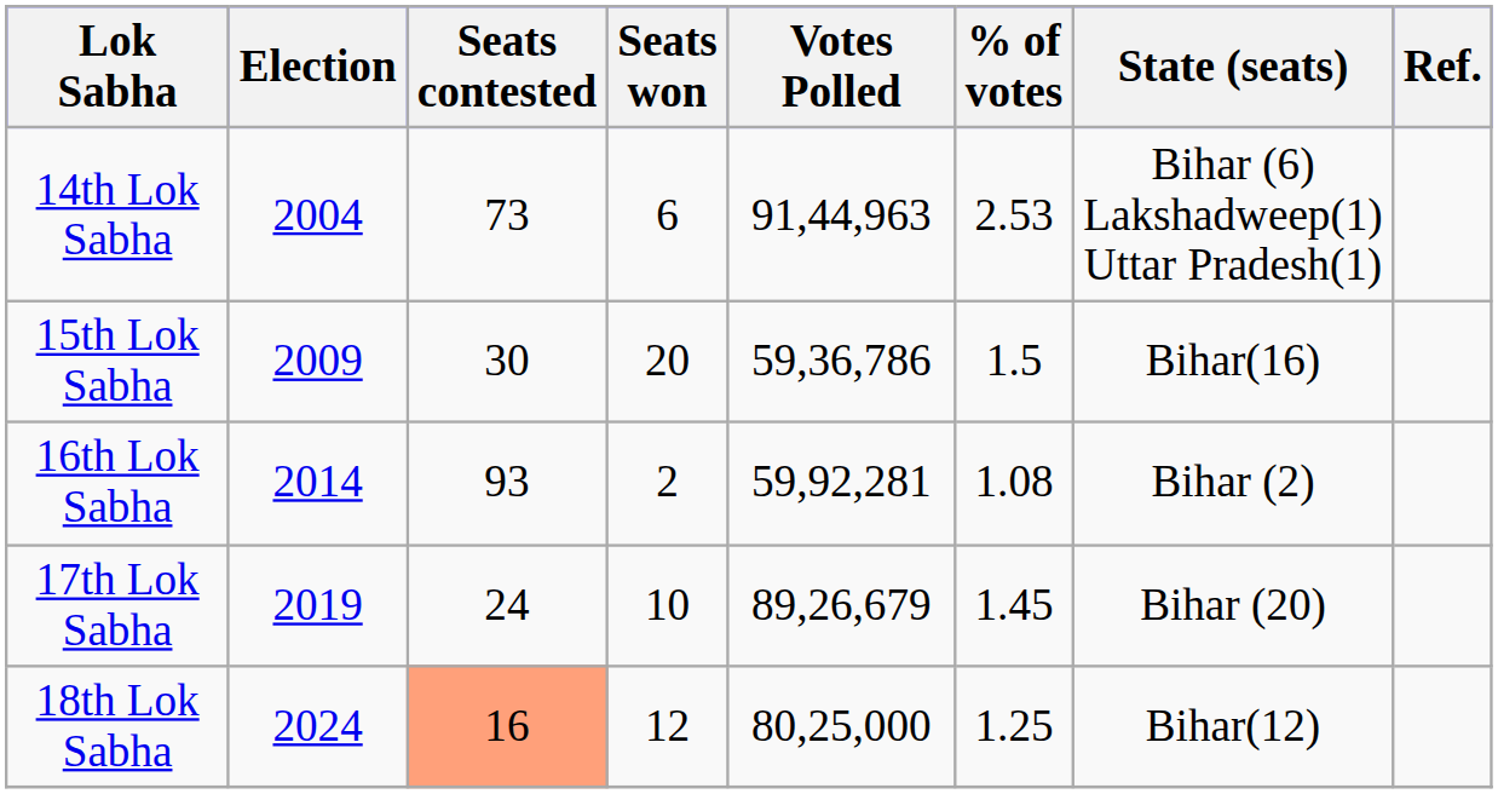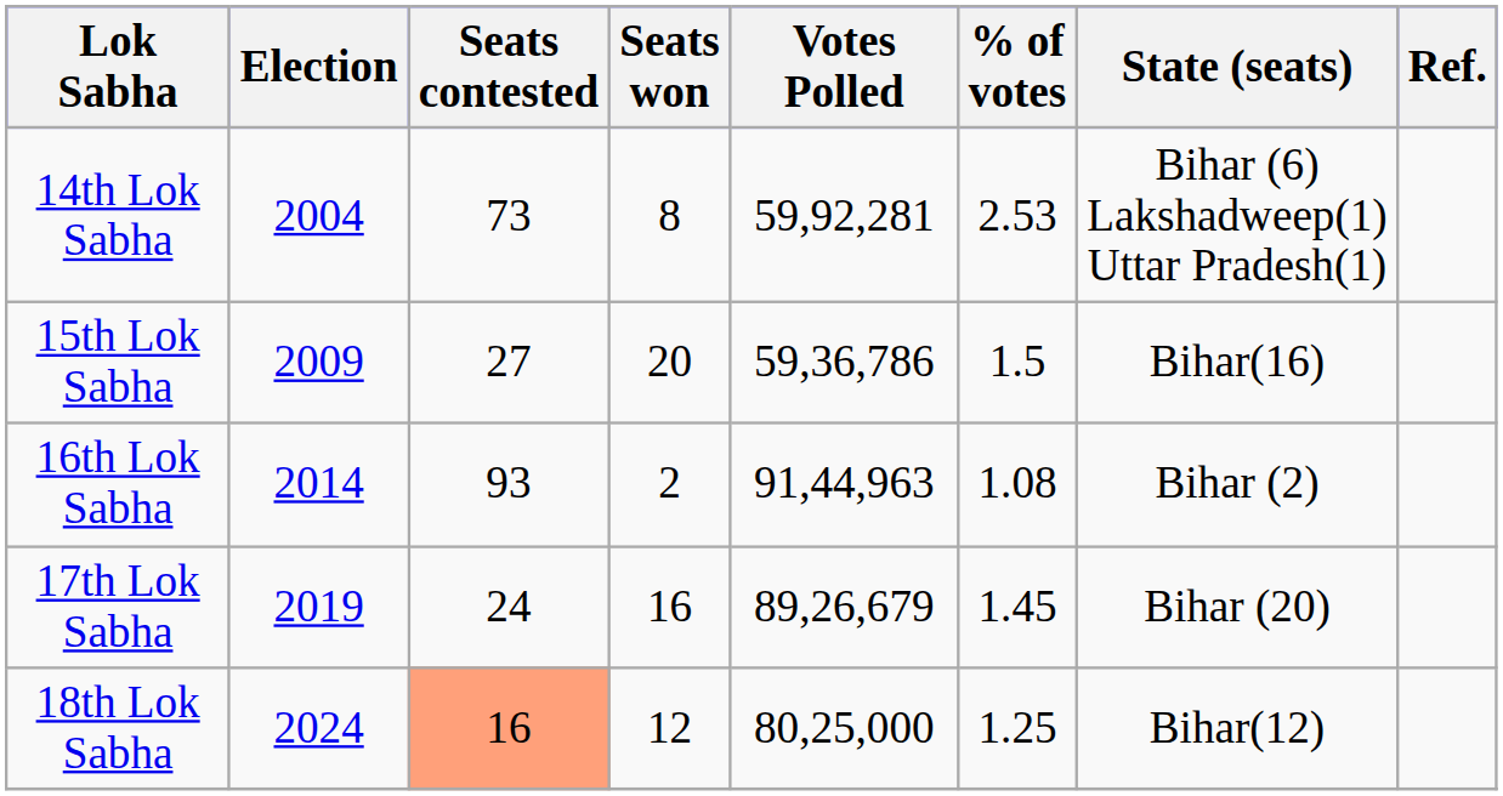 <table class="wikitable sortable" style="text-align:center;" width="60%";>
 <tr style="background:#00f;">
 <th style="background-color:">Lok Sabha</th>
 <th style="background-color:">Election</th>
 <th style="background-color:">Seats<br>contested</th>
 <th style="background-color:">Seats<br>won</th>
 <th style="background-color:">Votes Polled</th>
 <th style="background-color:">% of<br> votes</th>
 <th style="background-color:">State (seats)</th>
 <th style="background-color:">Ref.</th>
 </tr>
 <tr>
 <td><a href='#'>14th Lok Sabha</a></td>
 <td><a href='#'>2004</a></td>
 <td>73</td>
-<td>6</td>
-<td>91,44,963</td>
+<td>8</td>
+<td>59,92,281</td>
 <td>2.53</td>
 <td>Bihar (6) <br> Lakshadweep(1) <br> Uttar Pradesh(1)</td>
 <td></td>
 </tr>
 <tr>
 <td><a href='#'>15th Lok Sabha</a></td>
 <td><a href='#'>2009</a></td>
-<td>30</td>
+<td>27</td>
 <td>20</td>
 <td>59,36,786</td>
 <td>1.5</td>
 <td>Bihar(16)</td>
 <td></td>
 </tr>
 <tr>
 <td><a href='#'>16th Lok Sabha</a></td>
 <td><a href='#'>2014</a></td>
 <td>93</td>
 <td>2</td>
-<td>59,92,281</td>
+<td>91,44,963</td>
 <td>1.08</td>
 <td>Bihar (2)</td>
 <td></td>
 </tr>
 <tr>
 <td><a href='#'>17th Lok Sabha</a></td>
 <td><a href='#'>2019</a></td>
 <td>24</td>
-<td>10</td>
+<td>16</td>
 <td>89,26,679</td>
 <td>1.45</td>
 <td>Bihar (20)</td>
 <td> </td>
 </tr>
 <tr>
 <td><a href='#'>18th Lok Sabha</a></td>
 <td><a href='#'>2024</a></td>
 <td style="background: lightsalmon;">16</td>
 <td>12</td>
 <td>80,25,000</td>
 <td>1.25</td>
 <td>Bihar(12)</td>
 <td></td>
 </tr>
 <tr>
 </tr>
 </table>
